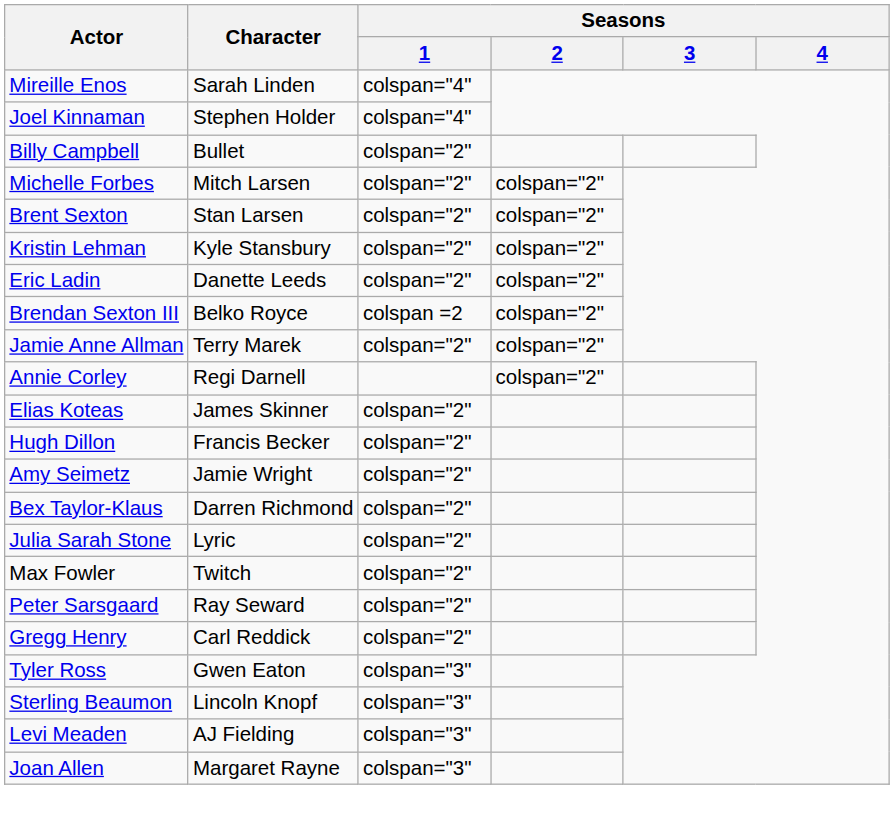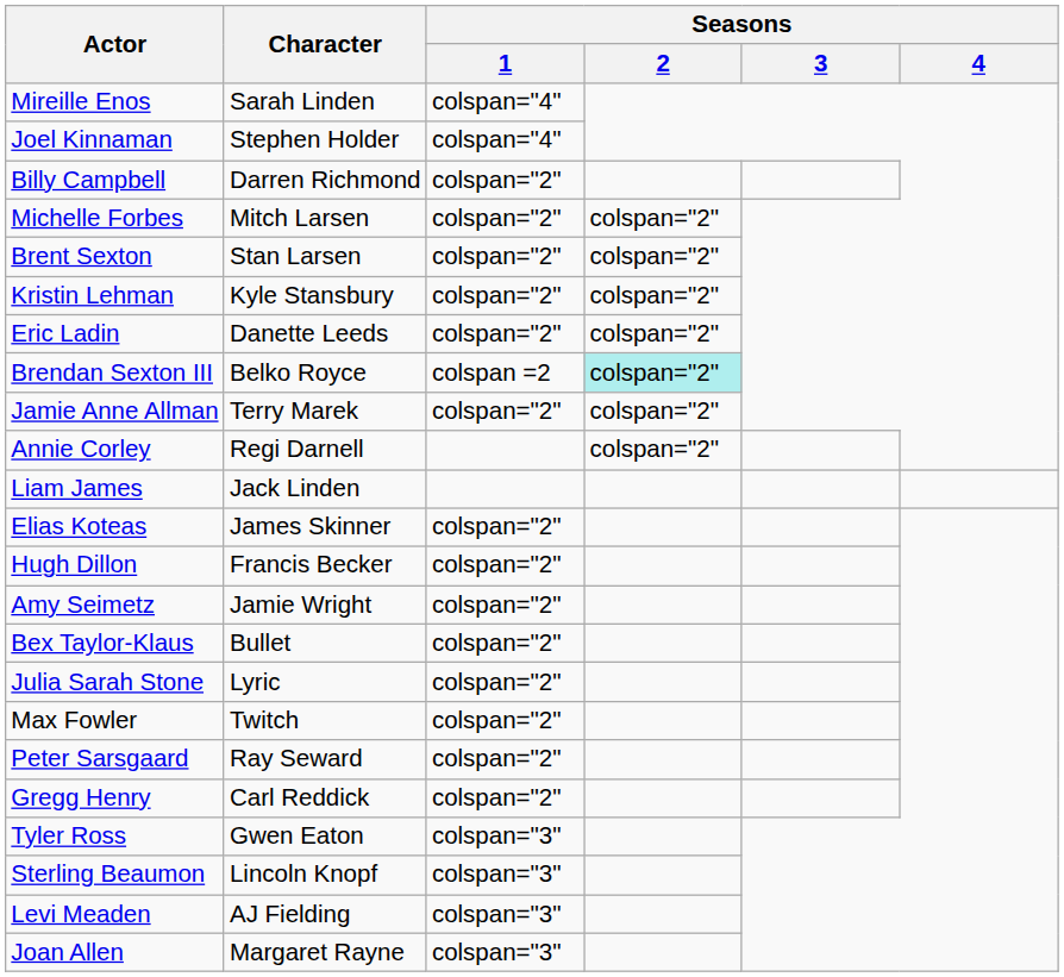 <table class="wikitable">
 <tr>
 <th rowspan="2">Actor</th>
 <th rowspan="2">Character</th>
 <th colspan="4">Seasons</th>
 </tr>
 <tr>
 <th style="width:15%;"><a href='#'>1</a></th>
 <th style="width:15%;"><a href='#'>2</a></th>
 <th style="width:15%;"><a href='#'>3</a></th>
 <th style="width:15%;"><a href='#'>4</a></th>
 </tr>
 <tr>
 <td><a href='#'>Mireille Enos</a></td>
 <td>Sarah Linden</td>
 <td>colspan="4" </td>
 </tr>
 <tr>
 <td><a href='#'>Joel Kinnaman</a></td>
 <td>Stephen Holder</td>
 <td>colspan="4" </td>
 </tr>
 <tr>
 <td><a href='#'>Billy Campbell</a></td>
-<td>Bullet</td>
+<td>Darren Richmond</td>
 <td>colspan="2" </td>
 <td></td>
 <td></td>
 </tr>
 <tr>
 <td><a href='#'>Michelle Forbes</a></td>
 <td>Mitch Larsen</td>
 <td>colspan="2" </td>
 <td>colspan="2" </td>
 </tr>
 <tr>
 <td><a href='#'>Brent Sexton</a></td>
 <td>Stan Larsen</td>
 <td>colspan="2" </td>
 <td>colspan="2" </td>
 </tr>
 <tr>
 <td><a href='#'>Kristin Lehman</a></td>
 <td>Kyle Stansbury</td>
 <td>colspan="2" </td>
 <td>colspan="2" </td>
 </tr>
 <tr>
 <td><a href='#'>Eric Ladin</a></td>
 <td>Danette Leeds</td>
 <td>colspan="2" </td>
 <td>colspan="2" </td>
 </tr>
 <tr>
 <td><a href='#'>Brendan Sexton III</a></td>
 <td>Belko Royce</td>
 <td>colspan =2 </td>
-<td>colspan="2" </td>
+<td style="background: paleturquoise;">colspan="2" </td>
 </tr>
 <tr>
 <td><a href='#'>Jamie Anne Allman</a></td>
 <td>Terry Marek</td>
 <td>colspan="2" </td>
 <td>colspan="2" </td>
 </tr>
 <tr>
 <td><a href='#'>Annie Corley</a></td>
 <td>Regi Darnell</td>
 <td></td>
 <td>colspan="2" </td>
+<td></td>
+</tr>
+<tr>
+<td><a href='#'>Liam James</a></td>
+<td>Jack Linden</td>
+<td></td>
+<td></td>
+<td></td>
 <td></td>
 </tr>
 <tr>
 <td><a href='#'>Elias Koteas</a></td>
 <td>James Skinner</td>
 <td>colspan="2" </td>
 <td></td>
 <td></td>
 </tr>
 <tr>
 <td><a href='#'>Hugh Dillon</a></td>
 <td>Francis Becker</td>
 <td>colspan="2" </td>
 <td></td>
 <td></td>
 </tr>
 <tr>
 <td><a href='#'>Amy Seimetz</a></td>
 <td>Jamie Wright</td>
 <td>colspan="2" </td>
 <td></td>
 <td></td>
 </tr>
 <tr>
 <td><a href='#'>Bex Taylor-Klaus</a></td>
-<td>Darren Richmond</td>
+<td>Bullet</td>
 <td>colspan="2" </td>
 <td></td>
 <td></td>
 </tr>
 <tr>
 <td><a href='#'>Julia Sarah Stone</a></td>
 <td>Lyric</td>
 <td>colspan="2" </td>
 <td></td>
 <td></td>
 </tr>
 <tr>
 <td>Max Fowler</td>
 <td>Twitch</td>
 <td>colspan="2" </td>
 <td></td>
 <td></td>
 </tr>
 <tr>
 <td><a href='#'>Peter Sarsgaard</a></td>
 <td>Ray Seward</td>
 <td>colspan="2" </td>
 <td></td>
 <td></td>
 </tr>
 <tr>
 <td><a href='#'>Gregg Henry</a></td>
 <td>Carl Reddick</td>
 <td>colspan="2" </td>
 <td></td>
 <td></td>
 </tr>
 <tr>
 <td><a href='#'>Tyler Ross</a></td>
 <td>Gwen Eaton</td>
 <td>colspan="3" </td>
 <td></td>
 </tr>
 <tr>
 <td><a href='#'>Sterling Beaumon</a></td>
 <td>Lincoln Knopf</td>
 <td>colspan="3" </td>
 <td></td>
 </tr>
 <tr>
 <td><a href='#'>Levi Meaden</a></td>
 <td>AJ Fielding</td>
 <td>colspan="3" </td>
 <td></td>
 </tr>
 <tr>
 <td><a href='#'>Joan Allen</a></td>
 <td>Margaret Rayne</td>
 <td>colspan="3" </td>
 <td></td>
 </tr>
 </table>
